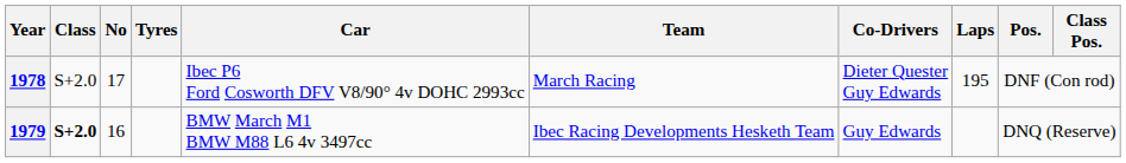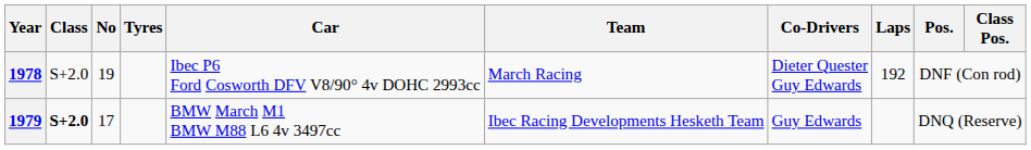 <table class="wikitable" style="text-align:center; font-size:90%">
 <tr>
 <th>Year</th>
 <th>Class</th>
 <th>No</th>
 <th>Tyres</th>
 <th>Car</th>
 <th>Team</th>
 <th>Co-Drivers</th>
 <th>Laps</th>
 <th>Pos.</th>
 <th>Class<br>Pos.</th>
 </tr>
 <tr>
 <th><a href='#'>1978</a></th>
 <td>S+2.0</td>
-<td>17</td>
+<td>19</td>
 <td></td>
 <td align="left"><a href='#'>Ibec P6</a><br><a href='#'>Ford</a> <a href='#'>Cosworth DFV</a> V8/90° 4v DOHC 2993cc</td>
 <td align="left"> <a href='#'>March Racing</a></td>
 <td align="left"> <a href='#'>Dieter Quester</a><br> <a href='#'>Guy Edwards</a></td>
-<td>195</td>
+<td>192</td>
 <td colspan=2>DNF (Con rod)</td>
 </tr>
 <tr>
 <th><a href='#'>1979</a></th>
 <td><strong>S+2.0</strong></td>
-<td>16</td>
+<td>17</td>
 <td></td>
 <td align="left"><a href='#'>BMW</a> <a href='#'>March</a> <a href='#'>M1</a> <br><a href='#'>BMW M88</a> L6 4v 3497cc</td>
 <td align="left"> <a href='#'>Ibec Racing Developments Hesketh Team</a></td>
 <td align="left"> <a href='#'>Guy Edwards</a></td>
 <td></td>
 <td colspan=2>DNQ (Reserve)</td>
 </tr>
 </table>
